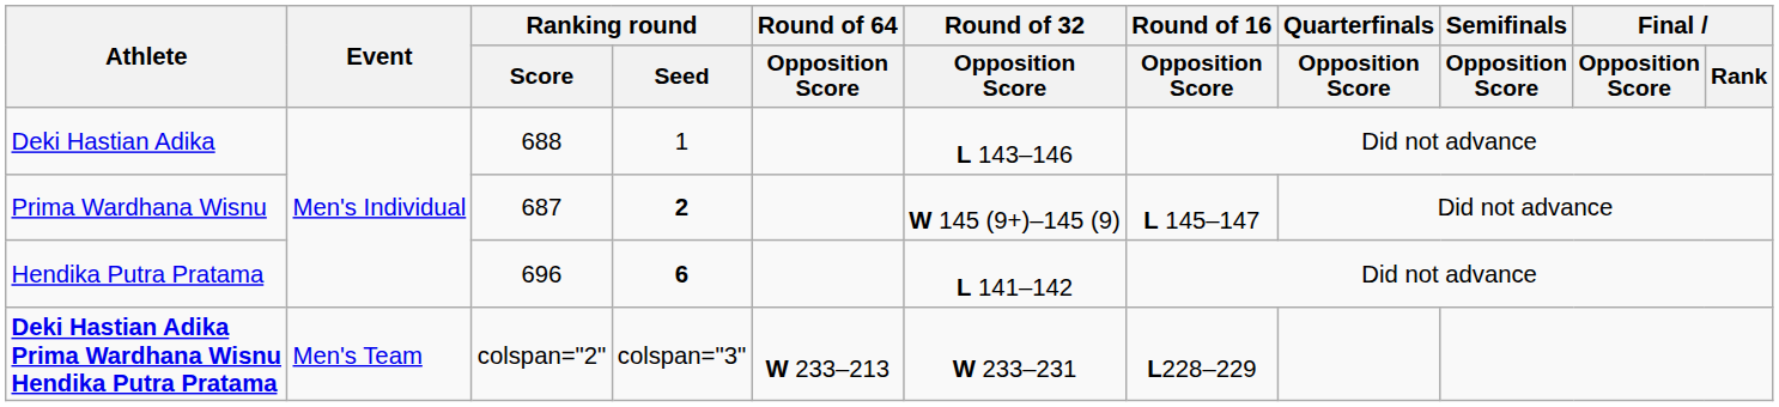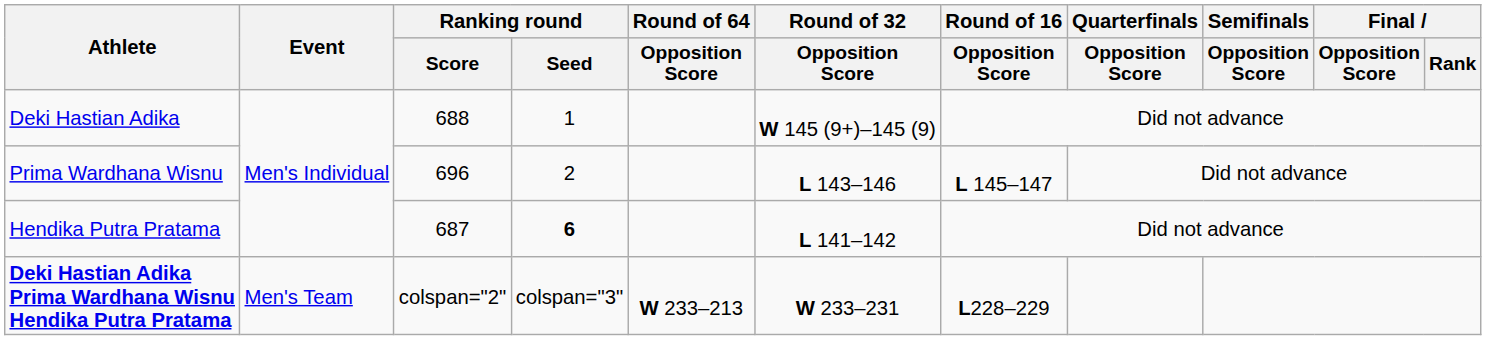 <table class=wikitable style=font-size:88%;text-align:center>
 <tr>
 <th rowspan=2>Athlete</th>
 <th rowspan=2>Event</th>
 <th colspan=2>Ranking round</th>
 <th>Round of 64</th>
 <th>Round of 32</th>
 <th>Round of 16</th>
 <th>Quarterfinals</th>
 <th>Semifinals</th>
 <th colspan=2>Final / </th>
 </tr>
 <tr style=font-size:95%>
 <th>Score</th>
 <th>Seed</th>
 <th>Opposition<br>Score</th>
 <th>Opposition<br>Score</th>
 <th>Opposition<br>Score</th>
 <th>Opposition<br>Score</th>
 <th>Opposition<br>Score</th>
 <th>Opposition<br>Score</th>
 <th>Rank</th>
 </tr>
 <tr>
 <td align=left><a href='#'>Deki Hastian Adika</a></td>
 <td align=left rowspan=3><a href='#'>Men's Individual</a></td>
 <td>688</td>
 <td>1</td>
 <td></td>
-<td><br><strong>L</strong> 143–146</td>
+<td><br><strong>W</strong> 145 (9+)–145 (9)</td>
 <td colspan="5">Did not advance</td>
 </tr>
 <tr>
 <td align=left><a href='#'>Prima Wardhana Wisnu</a></td>
-<td>687</td>
-<td><strong>2</strong></td>
+<td>696</td>
+<td>2</td>
 <td></td>
-<td><br><strong>W</strong> 145 (9+)–145 (9)</td>
+<td><br><strong>L</strong> 143–146</td>
 <td><br><strong>L</strong> 145–147</td>
 <td colspan="4">Did not advance</td>
 </tr>
 <tr>
 <td align=left><a href='#'>Hendika Putra Pratama</a></td>
-<td>696</td>
+<td>687</td>
 <td><strong>6</strong></td>
 <td></td>
 <td><br><strong>L</strong> 141–142</td>
 <td colspan="5">Did not advance</td>
 </tr>
 <tr>
 <td align=left><strong><a href='#'>Deki Hastian Adika</a><br><a href='#'>Prima Wardhana Wisnu</a><br><a href='#'>Hendika Putra Pratama</a></strong></td>
 <td align=left><a href='#'>Men's Team</a></td>
 <td>colspan="2" </td>
 <td>colspan="3" </td>
 <td><br><strong>W</strong> 233–213</td>
 <td><br><strong>W</strong> 233–231</td>
 <td><br><strong>L</strong>228–229</td>
 <td></td>
 </tr>
 </table>
